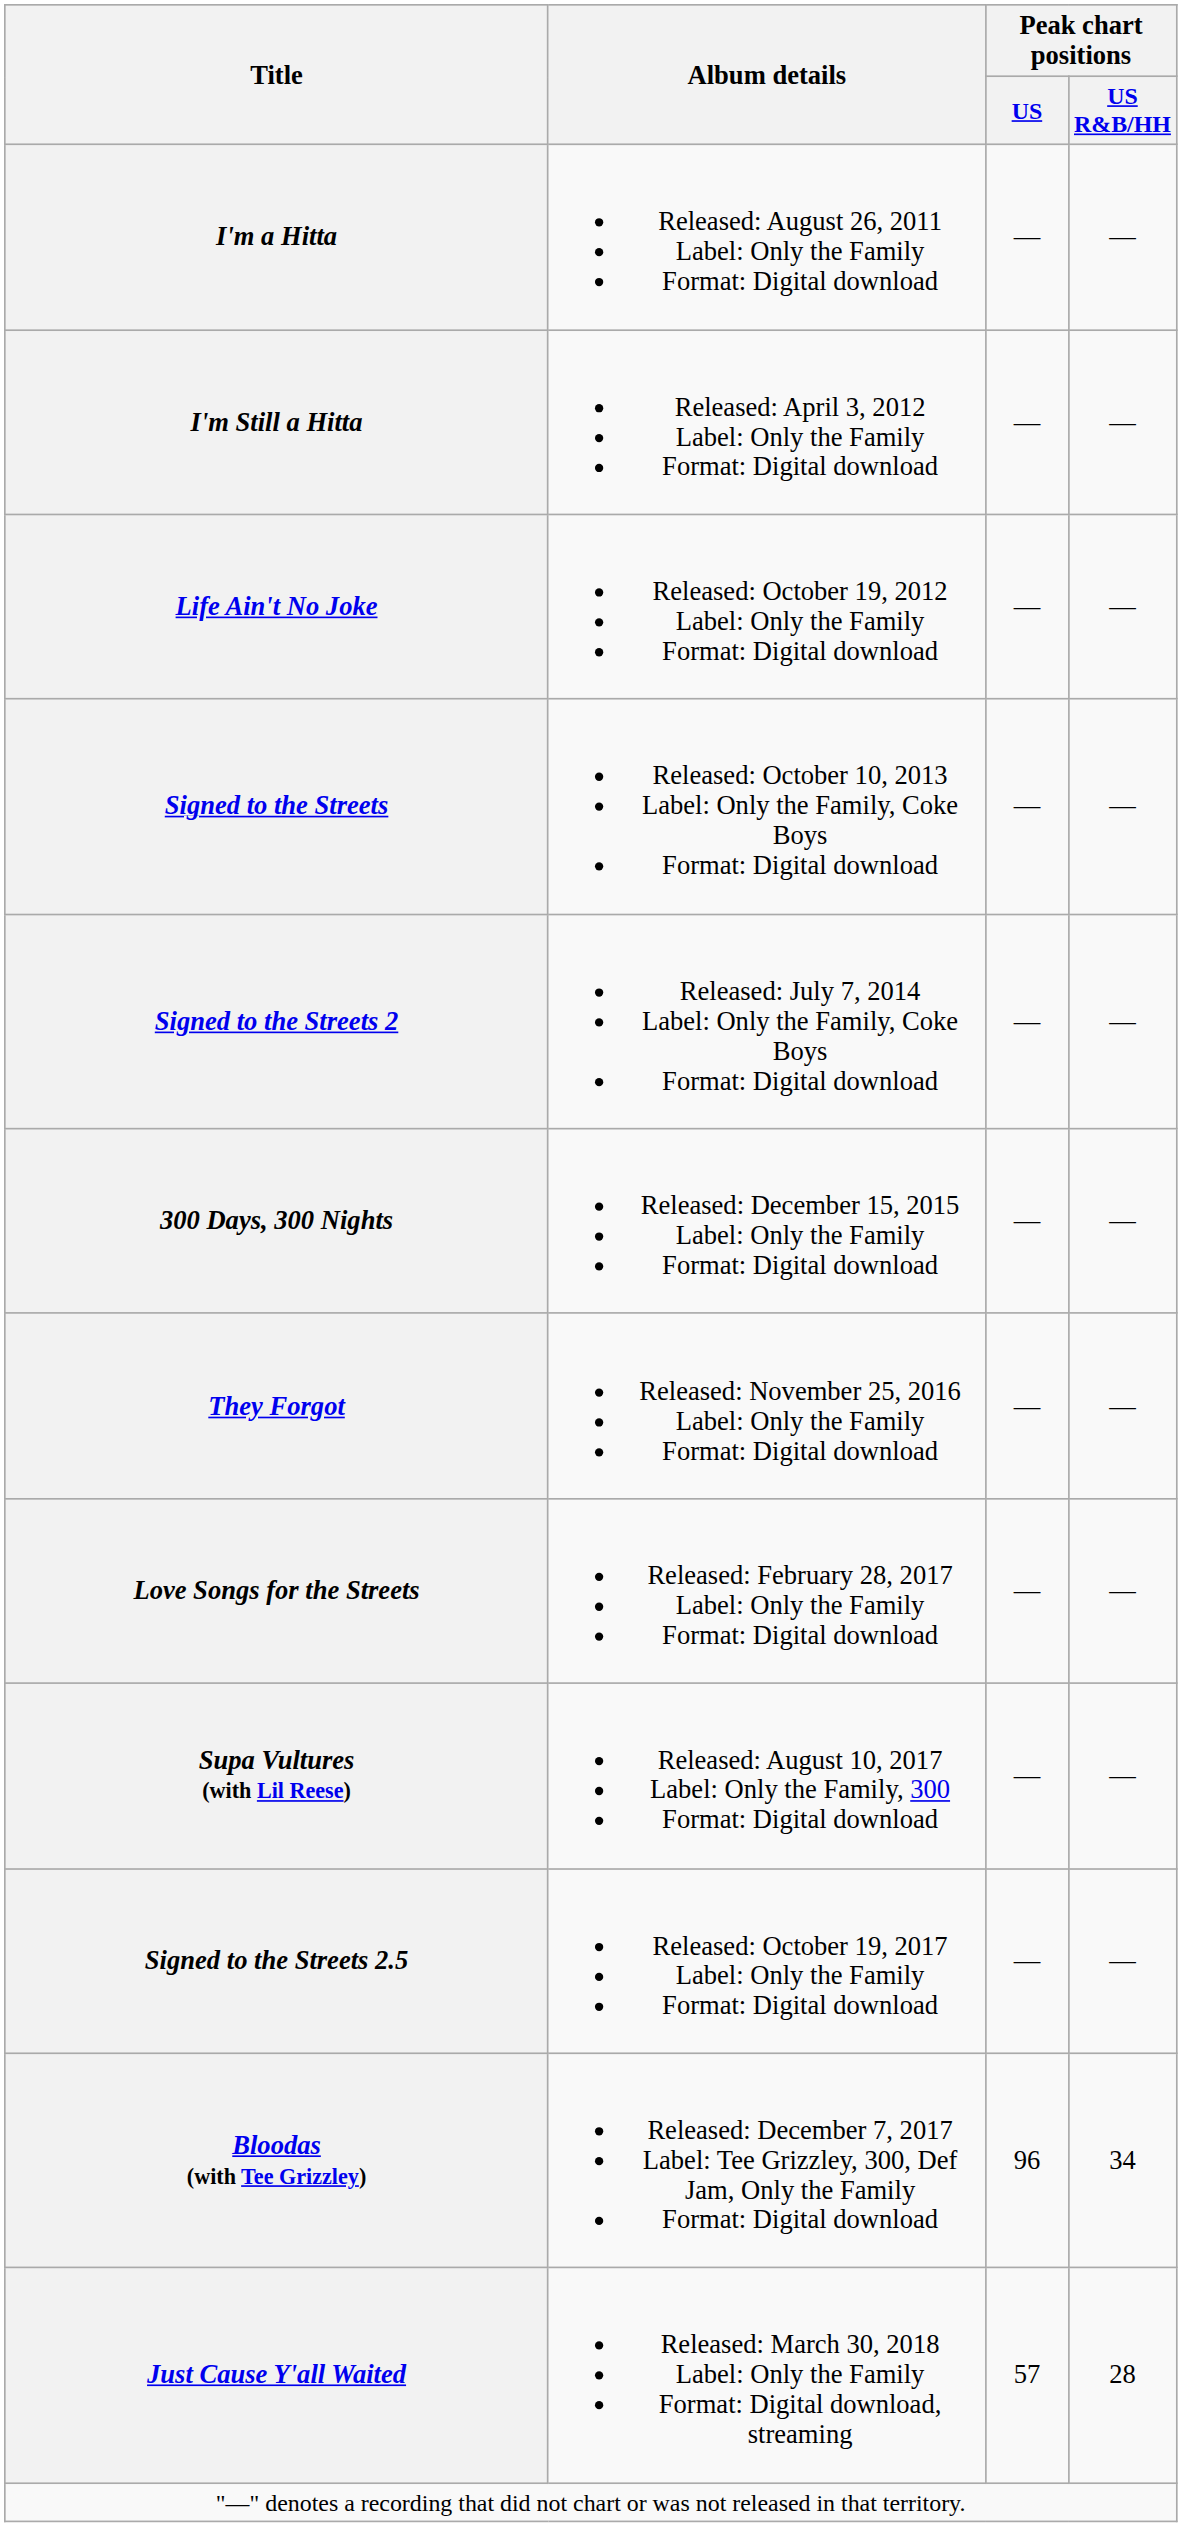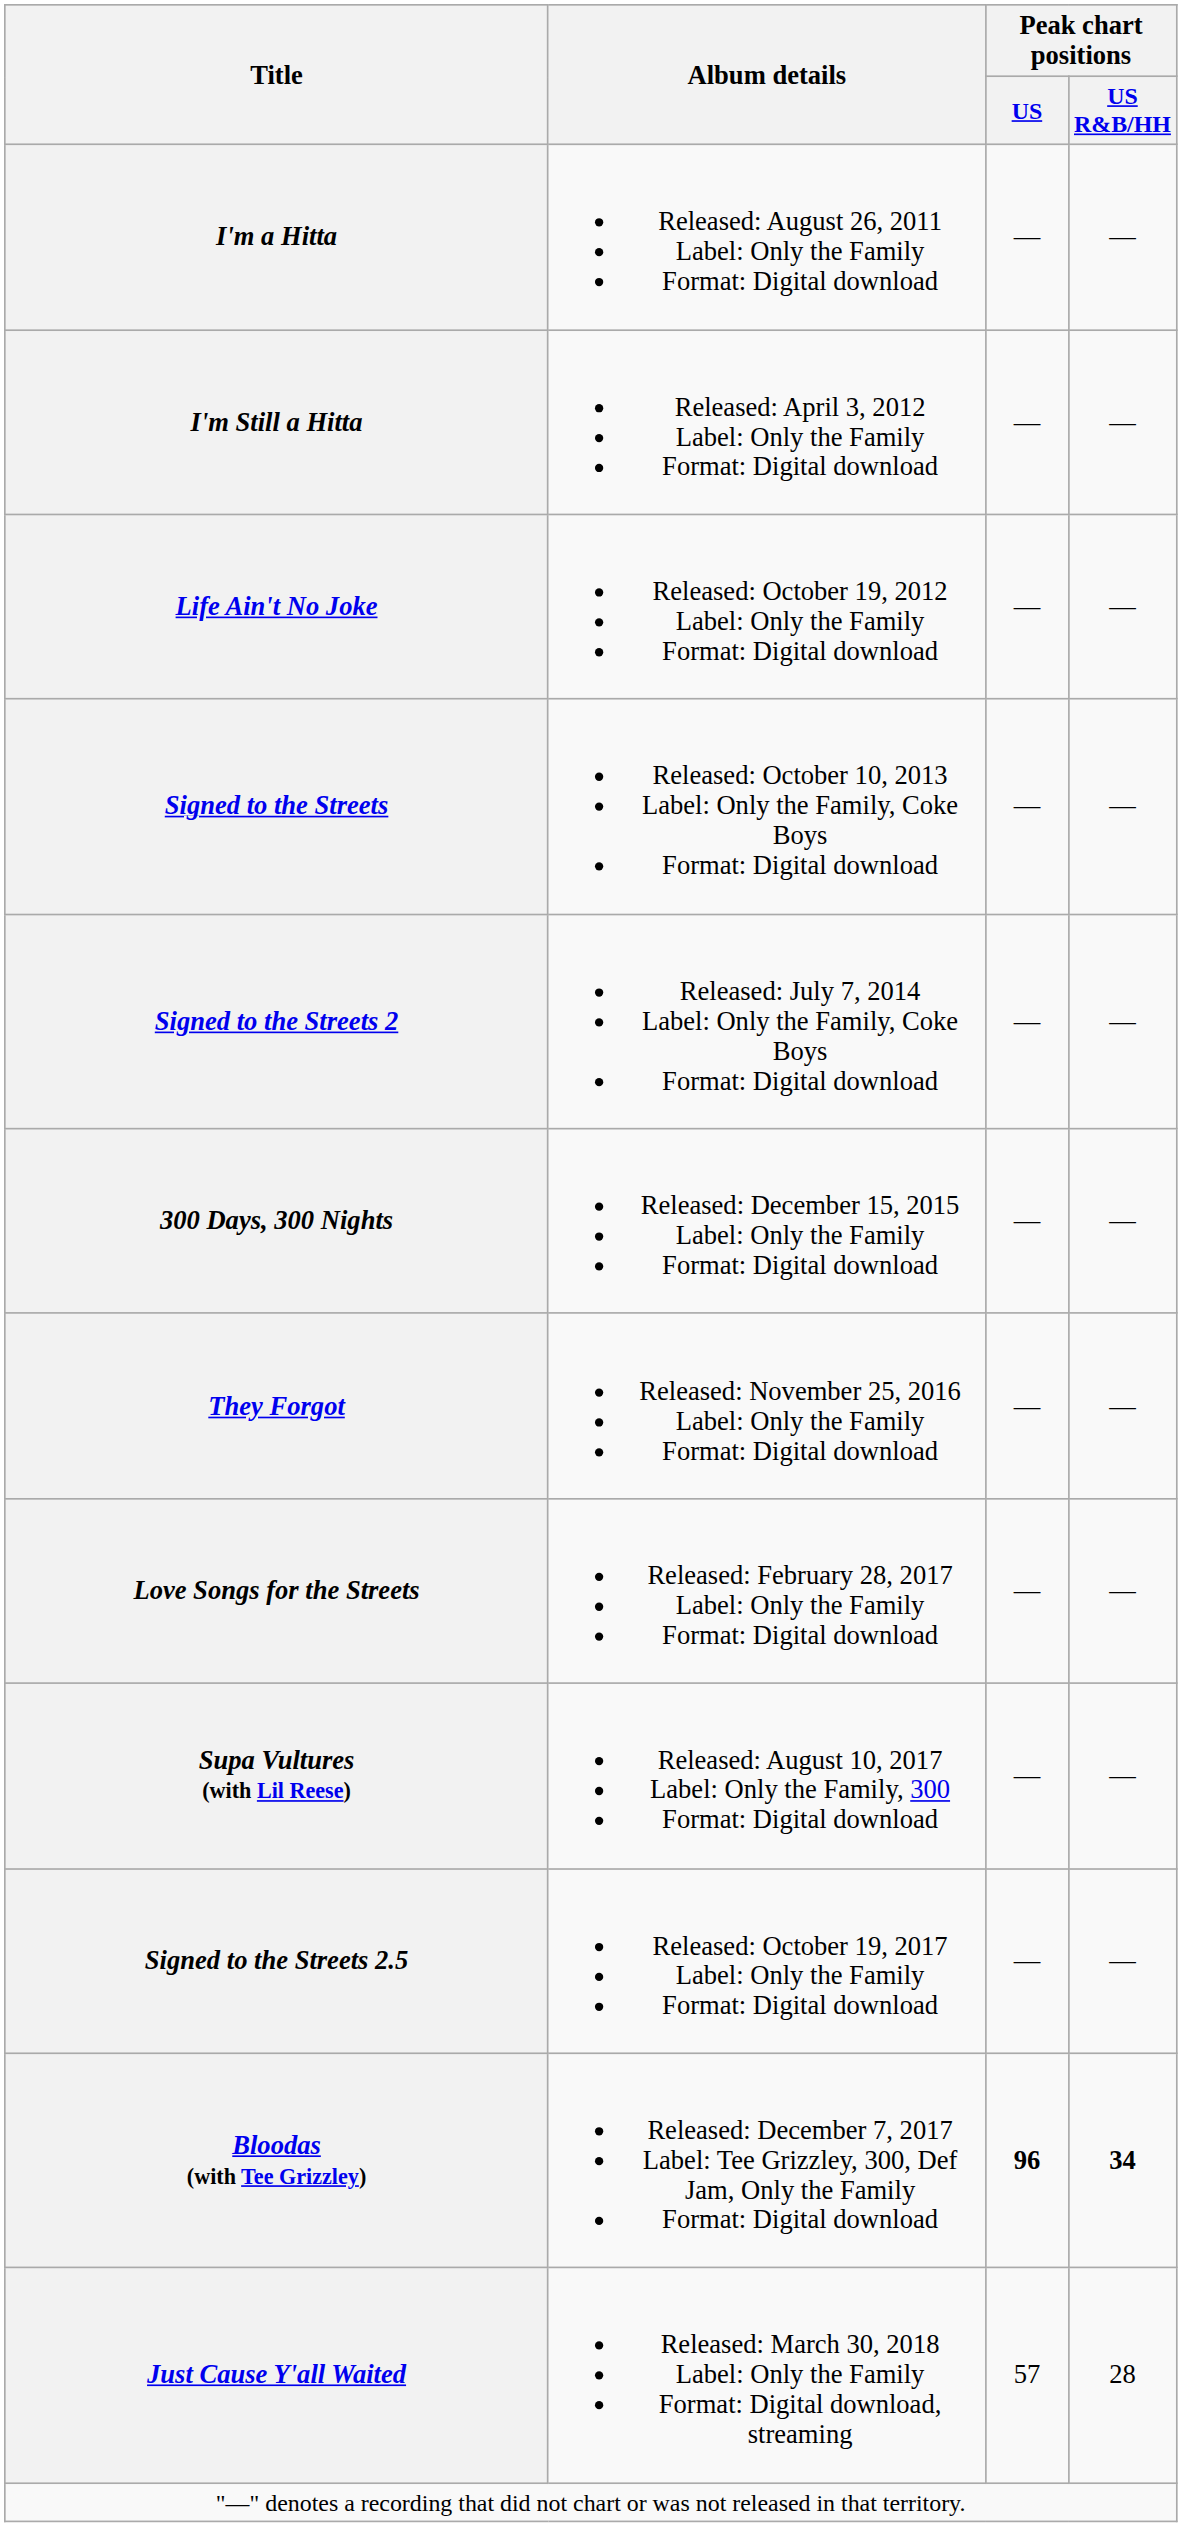 <table class="wikitable plainrowheaders" style="text-align:center;">
 <tr>
 <th scope="col" rowspan="2" style="width:20em;">Title</th>
 <th scope="col" rowspan="2" style="width:16em;">Album details</th>
 <th scope="col" colspan="2">Peak chart positions</th>
 </tr>
 <tr>
 <th scope="col" style="width:3em;font-size:90%;"><a href='#'>US</a><br></th>
 <th scope="col" style="width:3em;font-size:90%;"><a href='#'>US<br>R&B/HH</a><br></th>
 </tr>
 <tr>
 <th scope="row"><em>I'm a Hitta</em></th>
 <td><br><ul><li>Released: August 26, 2011</li><li>Label: Only the Family</li><li>Format: Digital download</li></ul></td>
 <td>—</td>
 <td>—</td>
 </tr>
 <tr>
 <th scope="row"><em>I'm Still a Hitta</em></th>
 <td><br><ul><li>Released: April 3, 2012</li><li>Label: Only the Family</li><li>Format: Digital download</li></ul></td>
 <td>—</td>
 <td>—</td>
 </tr>
 <tr>
 <th scope="row"><em><a href='#'>Life Ain't No Joke</a></em></th>
 <td><br><ul><li>Released: October 19, 2012</li><li>Label: Only the Family</li><li>Format: Digital download</li></ul></td>
 <td>—</td>
 <td>—</td>
 </tr>
 <tr>
 <th scope="row"><em><a href='#'>Signed to the Streets</a></em></th>
 <td><br><ul><li>Released: October 10, 2013</li><li>Label: Only the Family, Coke Boys</li><li>Format: Digital download</li></ul></td>
 <td>—</td>
 <td>—</td>
 </tr>
 <tr>
 <th scope="row"><em><a href='#'>Signed to the Streets 2</a></em></th>
 <td><br><ul><li>Released: July 7, 2014</li><li>Label: Only the Family, Coke Boys</li><li>Format: Digital download</li></ul></td>
 <td>—</td>
 <td>—</td>
 </tr>
 <tr>
 <th scope="row"><em>300 Days, 300 Nights</em></th>
 <td><br><ul><li>Released: December 15, 2015</li><li>Label: Only the Family</li><li>Format: Digital download</li></ul></td>
 <td>—</td>
 <td>—</td>
 </tr>
 <tr>
 <th scope="row"><em><a href='#'>They Forgot</a></em></th>
 <td><br><ul><li>Released: November 25, 2016</li><li>Label: Only the Family</li><li>Format: Digital download</li></ul></td>
 <td>—</td>
 <td>—</td>
 </tr>
 <tr>
 <th scope="row"><em>Love Songs for the Streets</em></th>
 <td><br><ul><li>Released: February 28, 2017</li><li>Label: Only the Family</li><li>Format: Digital download</li></ul></td>
 <td>—</td>
 <td>—</td>
 </tr>
 <tr>
 <th scope="row"><em>Supa Vultures</em><br><small>(with <a href='#'>Lil Reese</a>)</small></th>
 <td><br><ul><li>Released: August 10, 2017</li><li>Label: Only the Family, <a href='#'>300</a></li><li>Format: Digital download</li></ul></td>
 <td>—</td>
 <td>—</td>
 </tr>
 <tr>
 <th scope="row"><em>Signed to the Streets 2.5</em></th>
 <td><br><ul><li>Released: October 19, 2017</li><li>Label: Only the Family</li><li>Format: Digital download</li></ul></td>
 <td>—</td>
 <td>—</td>
 </tr>
 <tr>
 <th scope="row"><em><a href='#'>Bloodas</a></em><br><small>(with <a href='#'>Tee Grizzley</a>)</small></th>
 <td><br><ul><li>Released: December 7, 2017</li><li>Label: Tee Grizzley, 300, Def Jam, Only the Family</li><li>Format: Digital download</li></ul></td>
-<td>96</td>
-<td>34</td>
+<td><strong>96</strong></td>
+<td><strong>34</strong></td>
 </tr>
 <tr>
 <th scope="row"><em><a href='#'>Just Cause Y'all Waited</a></em></th>
 <td><br><ul><li>Released: March 30, 2018</li><li>Label: Only the Family</li><li>Format: Digital download, streaming</li></ul></td>
 <td>57</td>
 <td>28</td>
 </tr>
 <tr>
 <td colspan="6" style="font-size:90%">"—" denotes a recording that did not chart or was not released in that territory.</td>
 </tr>
 </table>
